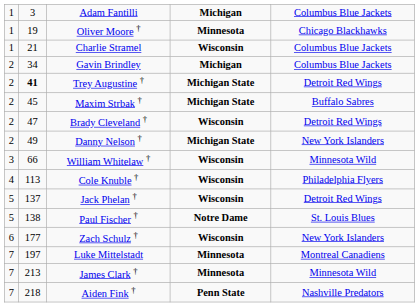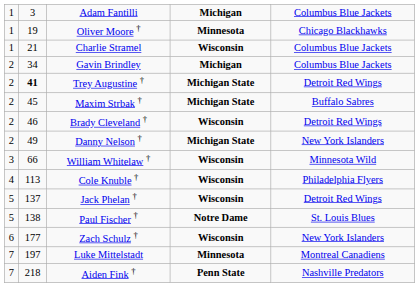 <table class="wikitable sortable" width="50%">
 <tr align="center" bgcolor="">
 <td>1</td>
 <td>3</td>
 <td><a href='#'>Adam Fantilli</a></td>
 <td><strong>Michigan</strong></td>
 <td><a href='#'>Columbus Blue Jackets</a></td>
 </tr>
 <tr align="center" bgcolor="">
 <td>1</td>
 <td>19</td>
 <td><a href='#'>Oliver Moore</a> <sup>†</sup></td>
 <td><strong>Minnesota</strong></td>
 <td><a href='#'>Chicago Blackhawks</a></td>
 </tr>
 <tr align="center" bgcolor="">
 <td>1</td>
 <td>21</td>
 <td><a href='#'>Charlie Stramel</a></td>
 <td><strong>Wisconsin</strong></td>
 <td><a href='#'>Columbus Blue Jackets</a></td>
 </tr>
 <tr align="center" bgcolor="">
 <td>2</td>
 <td>34</td>
 <td><a href='#'>Gavin Brindley</a></td>
 <td><strong>Michigan</strong></td>
 <td><a href='#'>Columbus Blue Jackets</a></td>
 </tr>
 <tr align="center" bgcolor="">
 <td>2</td>
 <td><strong>41</strong></td>
 <td><a href='#'>Trey Augustine</a> <sup>†</sup></td>
 <td><strong>Michigan State</strong></td>
 <td><a href='#'>Detroit Red Wings</a></td>
 </tr>
 <tr align="center" bgcolor="">
 <td>2</td>
 <td>45</td>
 <td><a href='#'>Maxim Strbak</a> <sup>†</sup></td>
 <td><strong>Michigan State</strong></td>
 <td><a href='#'>Buffalo Sabres</a></td>
 </tr>
 <tr align="center" bgcolor="">
 <td>2</td>
-<td>47</td>
+<td>46</td>
 <td><a href='#'>Brady Cleveland</a> <sup>†</sup></td>
 <td><strong>Wisconsin</strong></td>
 <td><a href='#'>Detroit Red Wings</a></td>
 </tr>
 <tr align="center" bgcolor="">
 <td>2</td>
 <td>49</td>
 <td><a href='#'>Danny Nelson</a> <sup>†</sup></td>
 <td><strong>Michigan State</strong></td>
 <td><a href='#'>New York Islanders</a></td>
 </tr>
 <tr align="center" bgcolor="">
 <td>3</td>
 <td>66</td>
 <td><a href='#'>William Whitelaw</a> <sup>†</sup></td>
 <td><strong>Wisconsin</strong></td>
 <td><a href='#'>Minnesota Wild</a></td>
 </tr>
 <tr align="center" bgcolor="">
 <td>4</td>
 <td>113</td>
 <td><a href='#'>Cole Knuble</a> <sup>†</sup></td>
 <td><strong>Wisconsin</strong></td>
 <td><a href='#'>Philadelphia Flyers</a></td>
 </tr>
 <tr align="center" bgcolor="">
 <td>5</td>
 <td>137</td>
 <td><a href='#'>Jack Phelan</a> <sup>†</sup></td>
 <td><strong>Wisconsin</strong></td>
 <td><a href='#'>Detroit Red Wings</a></td>
 </tr>
 <tr align="center" bgcolor="">
 <td>5</td>
 <td>138</td>
 <td><a href='#'>Paul Fischer</a> <sup>†</sup></td>
 <td><strong>Notre Dame</strong></td>
 <td><a href='#'>St. Louis Blues</a></td>
 </tr>
 <tr align="center" bgcolor="">
 <td>6</td>
 <td>177</td>
 <td><a href='#'>Zach Schulz</a> <sup>†</sup></td>
 <td><strong>Wisconsin</strong></td>
 <td><a href='#'>New York Islanders</a></td>
 </tr>
 <tr align="center" bgcolor="">
 <td>7</td>
 <td>197</td>
 <td><a href='#'>Luke Mittelstadt</a></td>
 <td><strong>Minnesota</strong></td>
 <td><a href='#'>Montreal Canadiens</a></td>
 </tr>
 <tr align="center" bgcolor="">
 <td>7</td>
-<td>213</td>
-<td><a href='#'>James Clark</a> <sup>†</sup></td>
-<td><strong>Minnesota</strong></td>
-<td><a href='#'>Minnesota Wild</a></td>
-</tr>
-<tr align="center" bgcolor="">
-<td>7</td>
 <td>218</td>
 <td><a href='#'>Aiden Fink</a> <sup>†</sup></td>
 <td><strong>Penn State</strong></td>
 <td><a href='#'>Nashville Predators</a></td>
 </tr>
 </table>
